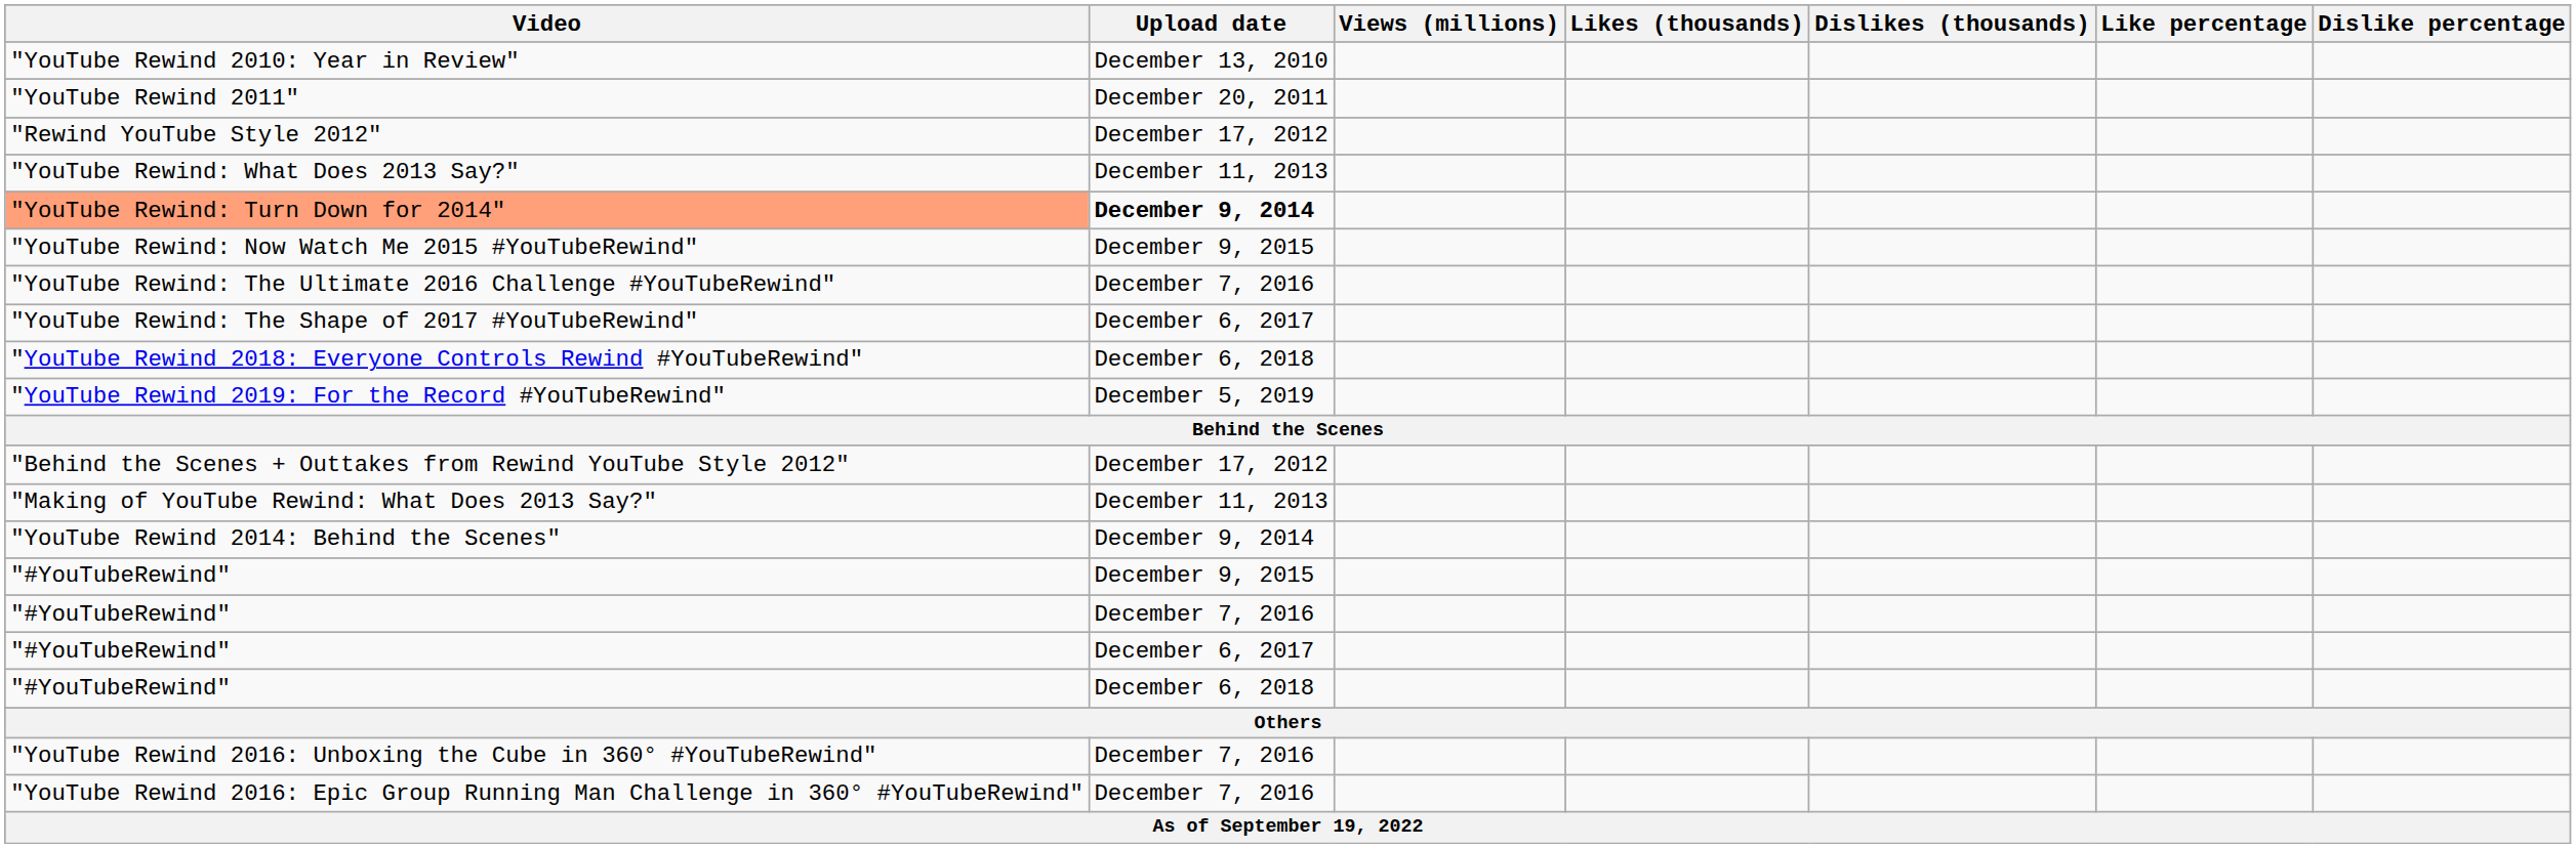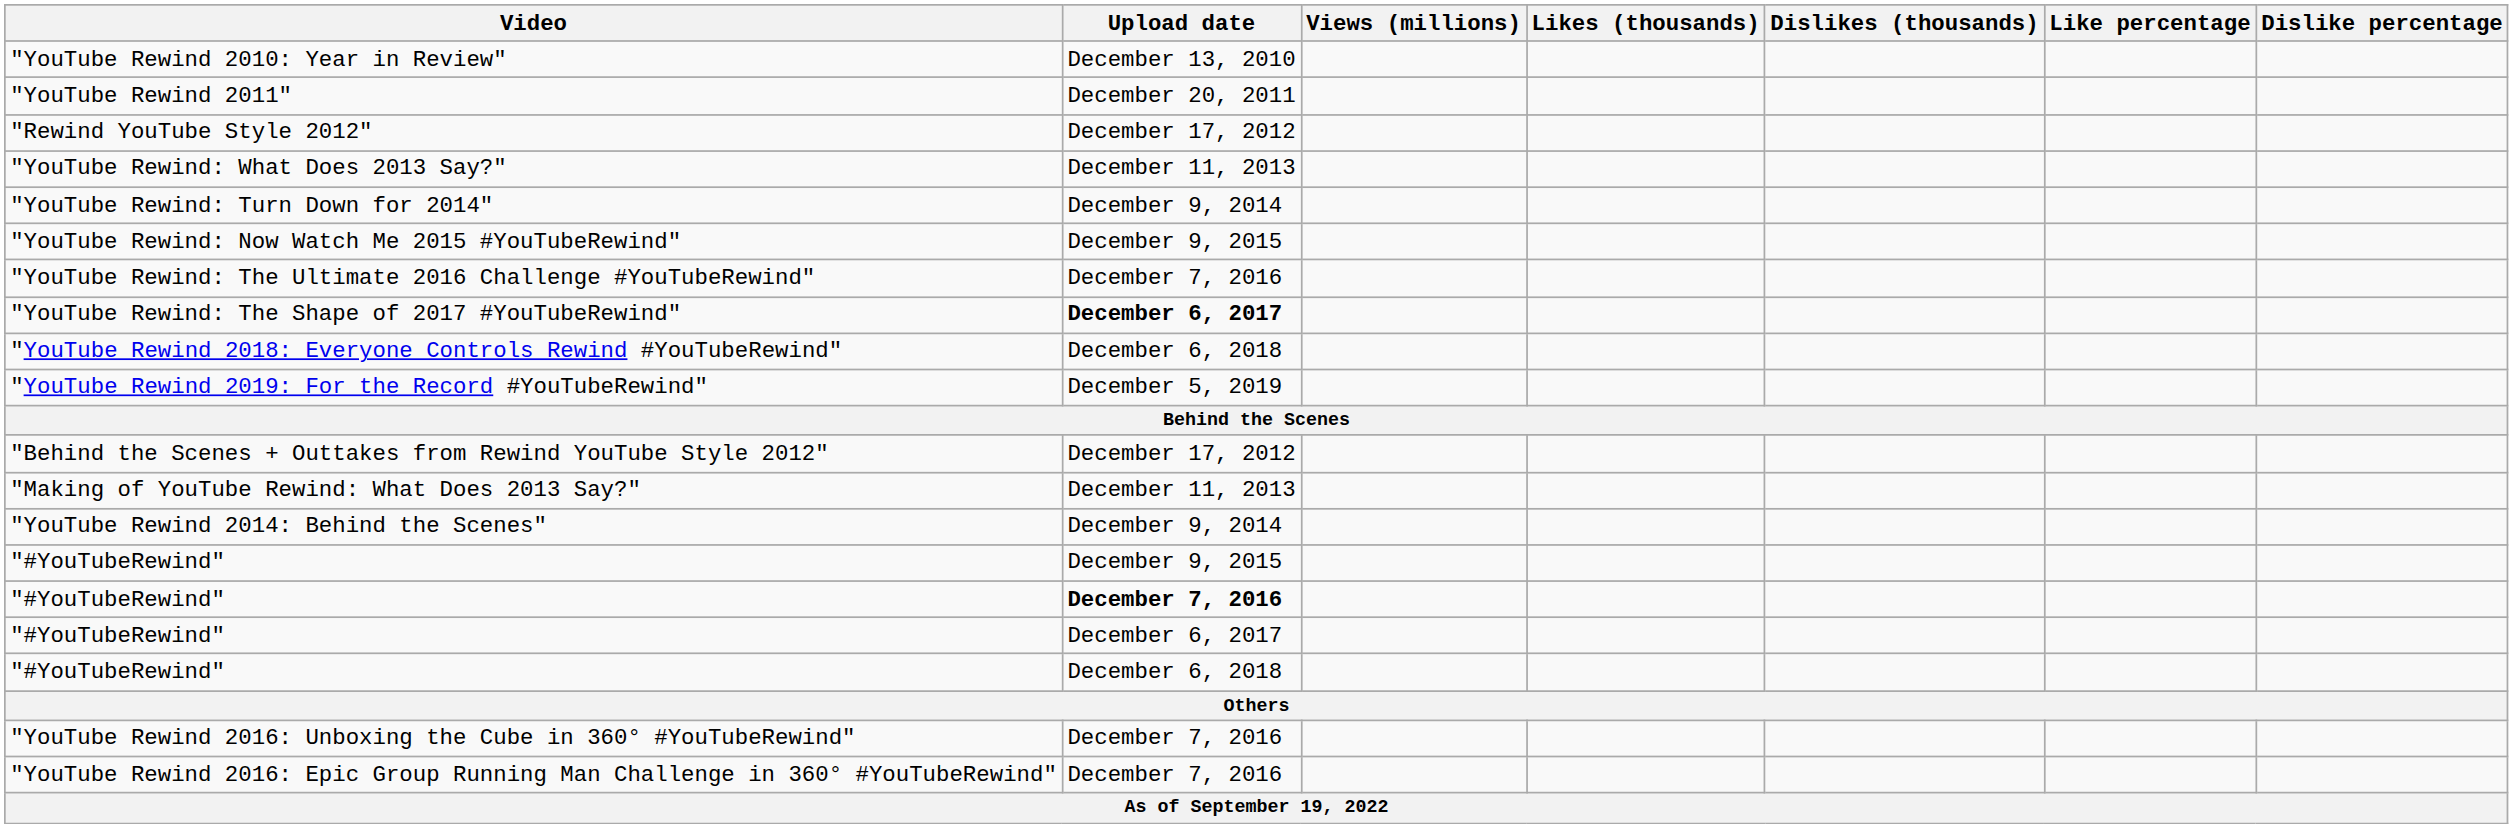 <table class="wikitable sortable">
 <tr>
 <th>Video </th>
 <th>Upload date</th>
 <th>Views (millions)     </th>
 <th>Likes (thousands)    </th>
 <th>Dislikes (thousands) </th>
 <th>Like percentage      </th>
 <th>Dislike percentage   </th>
 </tr>
 <tr>
 <td>"YouTube Rewind 2010: Year in Review"</td>
 <td>December 13, 2010</td>
 <td align=center></td>
 <td align=center></td>
 <td align=center></td>
 <td align=center></td>
 <td align=center></td>
 </tr>
 <tr>
 <td>"YouTube Rewind 2011"</td>
 <td>December 20, 2011</td>
 <td align=center></td>
 <td align=center></td>
 <td align=center></td>
 <td align=center></td>
 <td align=center></td>
 </tr>
 <tr>
 <td>"Rewind YouTube Style 2012"</td>
 <td>December 17, 2012</td>
 <td align=center></td>
 <td align=center></td>
 <td align=center></td>
 <td align=center></td>
 <td align=center></td>
 </tr>
 <tr>
 <td>"YouTube Rewind: What Does 2013 Say?"</td>
 <td>December 11, 2013</td>
 <td align=center></td>
 <td align=center></td>
 <td align=center></td>
 <td align=center></td>
 <td align=center></td>
 </tr>
 <tr>
-<td style="background: lightsalmon;">"YouTube Rewind: Turn Down for 2014"</td>
-<td><strong>December 9, 2014</strong></td>
+<td>"YouTube Rewind: Turn Down for 2014"</td>
+<td>December 9, 2014</td>
 <td align=center></td>
 <td align=center></td>
 <td align=center></td>
 <td align=center></td>
 <td align=center></td>
 </tr>
 <tr>
 <td>"YouTube Rewind: Now Watch Me 2015  #YouTubeRewind"</td>
 <td>December 9, 2015</td>
 <td align=center></td>
 <td align=center></td>
 <td align=center></td>
 <td align=center></td>
 <td align=center></td>
 </tr>
 <tr>
 <td>"YouTube Rewind: The Ultimate 2016 Challenge  #YouTubeRewind"</td>
 <td>December 7, 2016</td>
 <td align=center></td>
 <td align=center></td>
 <td align=center></td>
 <td align=center></td>
 <td align=center></td>
 </tr>
 <tr>
 <td>"YouTube Rewind: The Shape of 2017  #YouTubeRewind"</td>
-<td>December 6, 2017</td>
+<td><strong>December 6, 2017</strong></td>
 <td align=center></td>
 <td align=center></td>
 <td align=center></td>
 <td align=center></td>
 <td align=center></td>
 </tr>
 <tr>
 <td>"<a href='#'>YouTube Rewind 2018: Everyone Controls Rewind</a>  #YouTubeRewind"</td>
 <td>December 6, 2018</td>
 <td align=center></td>
 <td align=center></td>
 <td align=center></td>
 <td align=center></td>
 <td align=center></td>
 </tr>
 <tr>
 <td>"<a href='#'>YouTube Rewind 2019: For the Record</a>  #YouTubeRewind"</td>
 <td>December 5, 2019</td>
 <td align=center></td>
 <td align=center></td>
 <td align=center></td>
 <td align=center></td>
 <td align=center></td>
 </tr>
 <tr>
 <th colspan="7" style="text-align:center; font-size: 8pt;">Behind the Scenes</th>
 </tr>
 <tr>
 <td>"Behind the Scenes + Outtakes from Rewind YouTube Style 2012"</td>
 <td>December 17, 2012</td>
 <td align=center></td>
 <td align=center></td>
 <td align=center></td>
 <td align=center></td>
 <td align=center></td>
 </tr>
 <tr>
 <td>"Making of YouTube Rewind: What Does 2013 Say?"</td>
 <td>December 11, 2013</td>
 <td align=center></td>
 <td align=center></td>
 <td align=center></td>
 <td align=center></td>
 <td align=center></td>
 </tr>
 <tr>
 <td>"YouTube Rewind 2014: Behind the Scenes"</td>
 <td>December 9, 2014</td>
 <td align=center></td>
 <td align=center></td>
 <td align=center></td>
 <td align=center></td>
 <td align=center></td>
 </tr>
 <tr>
 <td>"#YouTubeRewind"</td>
 <td>December 9, 2015</td>
 <td align=center></td>
 <td align=center></td>
 <td align=center></td>
 <td align=center></td>
 <td align=center></td>
 </tr>
 <tr>
 <td>"#YouTubeRewind"</td>
-<td>December 7, 2016</td>
+<td><strong>December 7, 2016</strong></td>
 <td align=center></td>
 <td align=center></td>
 <td align=center></td>
 <td align=center></td>
 <td align=center></td>
 </tr>
 <tr>
 <td>"#YouTubeRewind"</td>
 <td>December 6, 2017</td>
 <td align=center></td>
 <td align=center></td>
 <td align=center></td>
 <td align=center></td>
 <td align=center></td>
 </tr>
 <tr>
 <td>"#YouTubeRewind"</td>
 <td>December 6, 2018</td>
 <td align=center></td>
 <td align=center></td>
 <td align=center></td>
 <td align=center></td>
 <td align=center></td>
 </tr>
 <tr>
 <th colspan="8" style="text-align:center; font-size: 8pt;">Others</th>
 </tr>
 <tr>
 <td>"YouTube Rewind 2016: Unboxing the Cube in 360° #YouTubeRewind"</td>
 <td>December 7, 2016</td>
 <td align=center></td>
 <td align=center></td>
 <td align=center></td>
 <td align=center></td>
 <td align=center></td>
 </tr>
 <tr>
 <td>"YouTube Rewind 2016: Epic Group Running Man Challenge in 360° #YouTubeRewind"</td>
 <td>December 7, 2016</td>
 <td align=center></td>
 <td align=center></td>
 <td align=center></td>
 <td align=center></td>
 <td align=center></td>
 </tr>
 <tr>
 <th colspan="8" style="text-align:center; font-size: 8pt;">As of September 19, 2022</th>
 </tr>
 </table>
